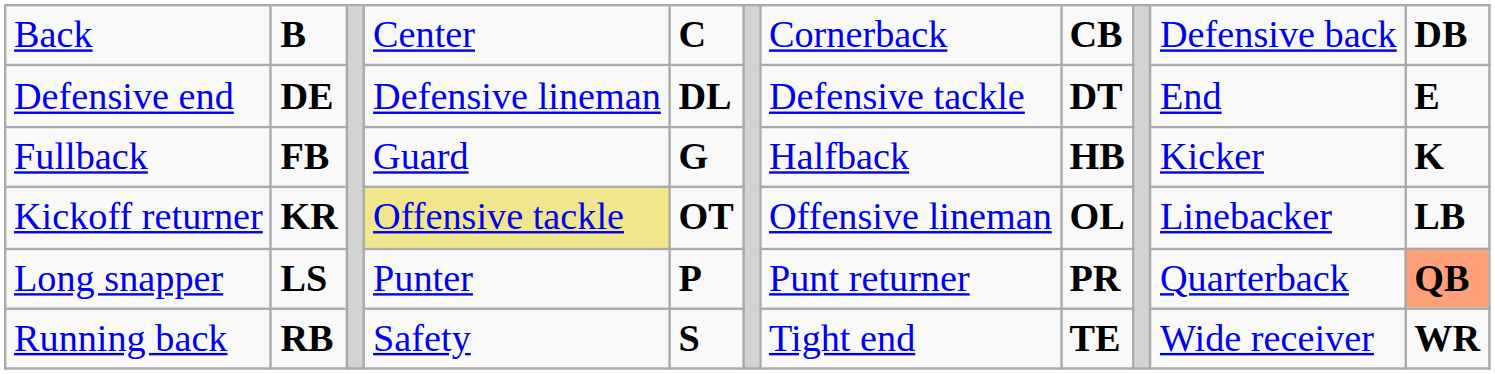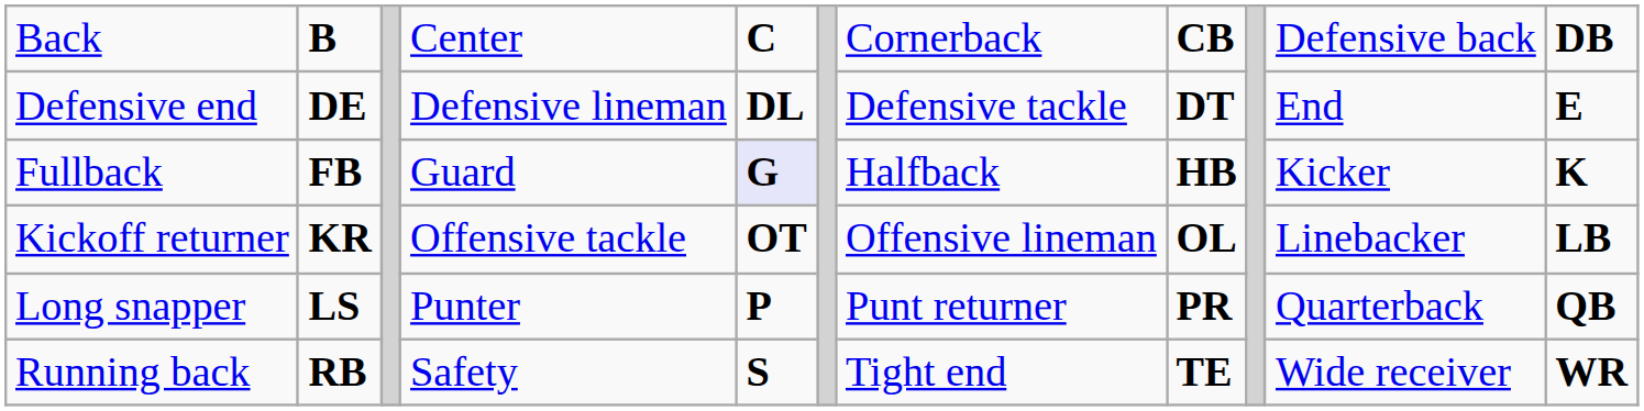 <table class="wikitable">
 <tr>
 <td><a href='#'>Back</a></td>
 <td><strong>B</strong></td>
 <td rowspan="6" style="background:lightgrey;"></td>
 <td><a href='#'>Center</a></td>
 <td><strong>C</strong></td>
 <td rowspan="6" style="background:lightgrey;"></td>
 <td><a href='#'>Cornerback</a></td>
 <td><strong>CB</strong></td>
 <td rowspan="6" style="background:lightgrey;"></td>
 <td><a href='#'>Defensive back</a></td>
 <td><strong>DB</strong></td>
 </tr>
 <tr>
 <td><a href='#'>Defensive end</a></td>
 <td><strong>DE</strong></td>
 <td><a href='#'>Defensive lineman</a></td>
 <td><strong>DL</strong></td>
 <td><a href='#'>Defensive tackle</a></td>
 <td><strong>DT</strong></td>
 <td><a href='#'>End</a></td>
 <td><strong>E</strong></td>
 </tr>
 <tr>
 <td><a href='#'>Fullback</a></td>
 <td><strong>FB</strong></td>
 <td><a href='#'>Guard</a></td>
-<td><strong>G</strong></td>
+<td style="background: lavender;"><strong>G</strong></td>
 <td><a href='#'>Halfback</a></td>
 <td><strong>HB</strong></td>
 <td><a href='#'>Kicker</a></td>
 <td><strong>K</strong></td>
 </tr>
 <tr>
 <td><a href='#'>Kickoff returner</a></td>
 <td><strong>KR</strong></td>
-<td style="background: khaki;"><a href='#'>Offensive tackle</a></td>
+<td><a href='#'>Offensive tackle</a></td>
 <td><strong>OT</strong></td>
 <td><a href='#'>Offensive lineman</a></td>
 <td><strong>OL</strong></td>
 <td><a href='#'>Linebacker</a></td>
 <td><strong>LB</strong></td>
 </tr>
 <tr>
 <td><a href='#'>Long snapper</a></td>
 <td><strong>LS</strong></td>
 <td><a href='#'>Punter</a></td>
 <td><strong>P</strong></td>
 <td><a href='#'>Punt returner</a></td>
 <td><strong>PR</strong></td>
 <td><a href='#'>Quarterback</a></td>
-<td style="background: lightsalmon;"><strong>QB</strong></td>
+<td><strong>QB</strong></td>
 </tr>
 <tr>
 <td><a href='#'>Running back</a></td>
 <td><strong>RB</strong></td>
 <td><a href='#'>Safety</a></td>
 <td><strong>S</strong></td>
 <td><a href='#'>Tight end</a></td>
 <td><strong>TE</strong></td>
 <td><a href='#'>Wide receiver</a></td>
 <td><strong>WR</strong></td>
 </tr>
 </table>
